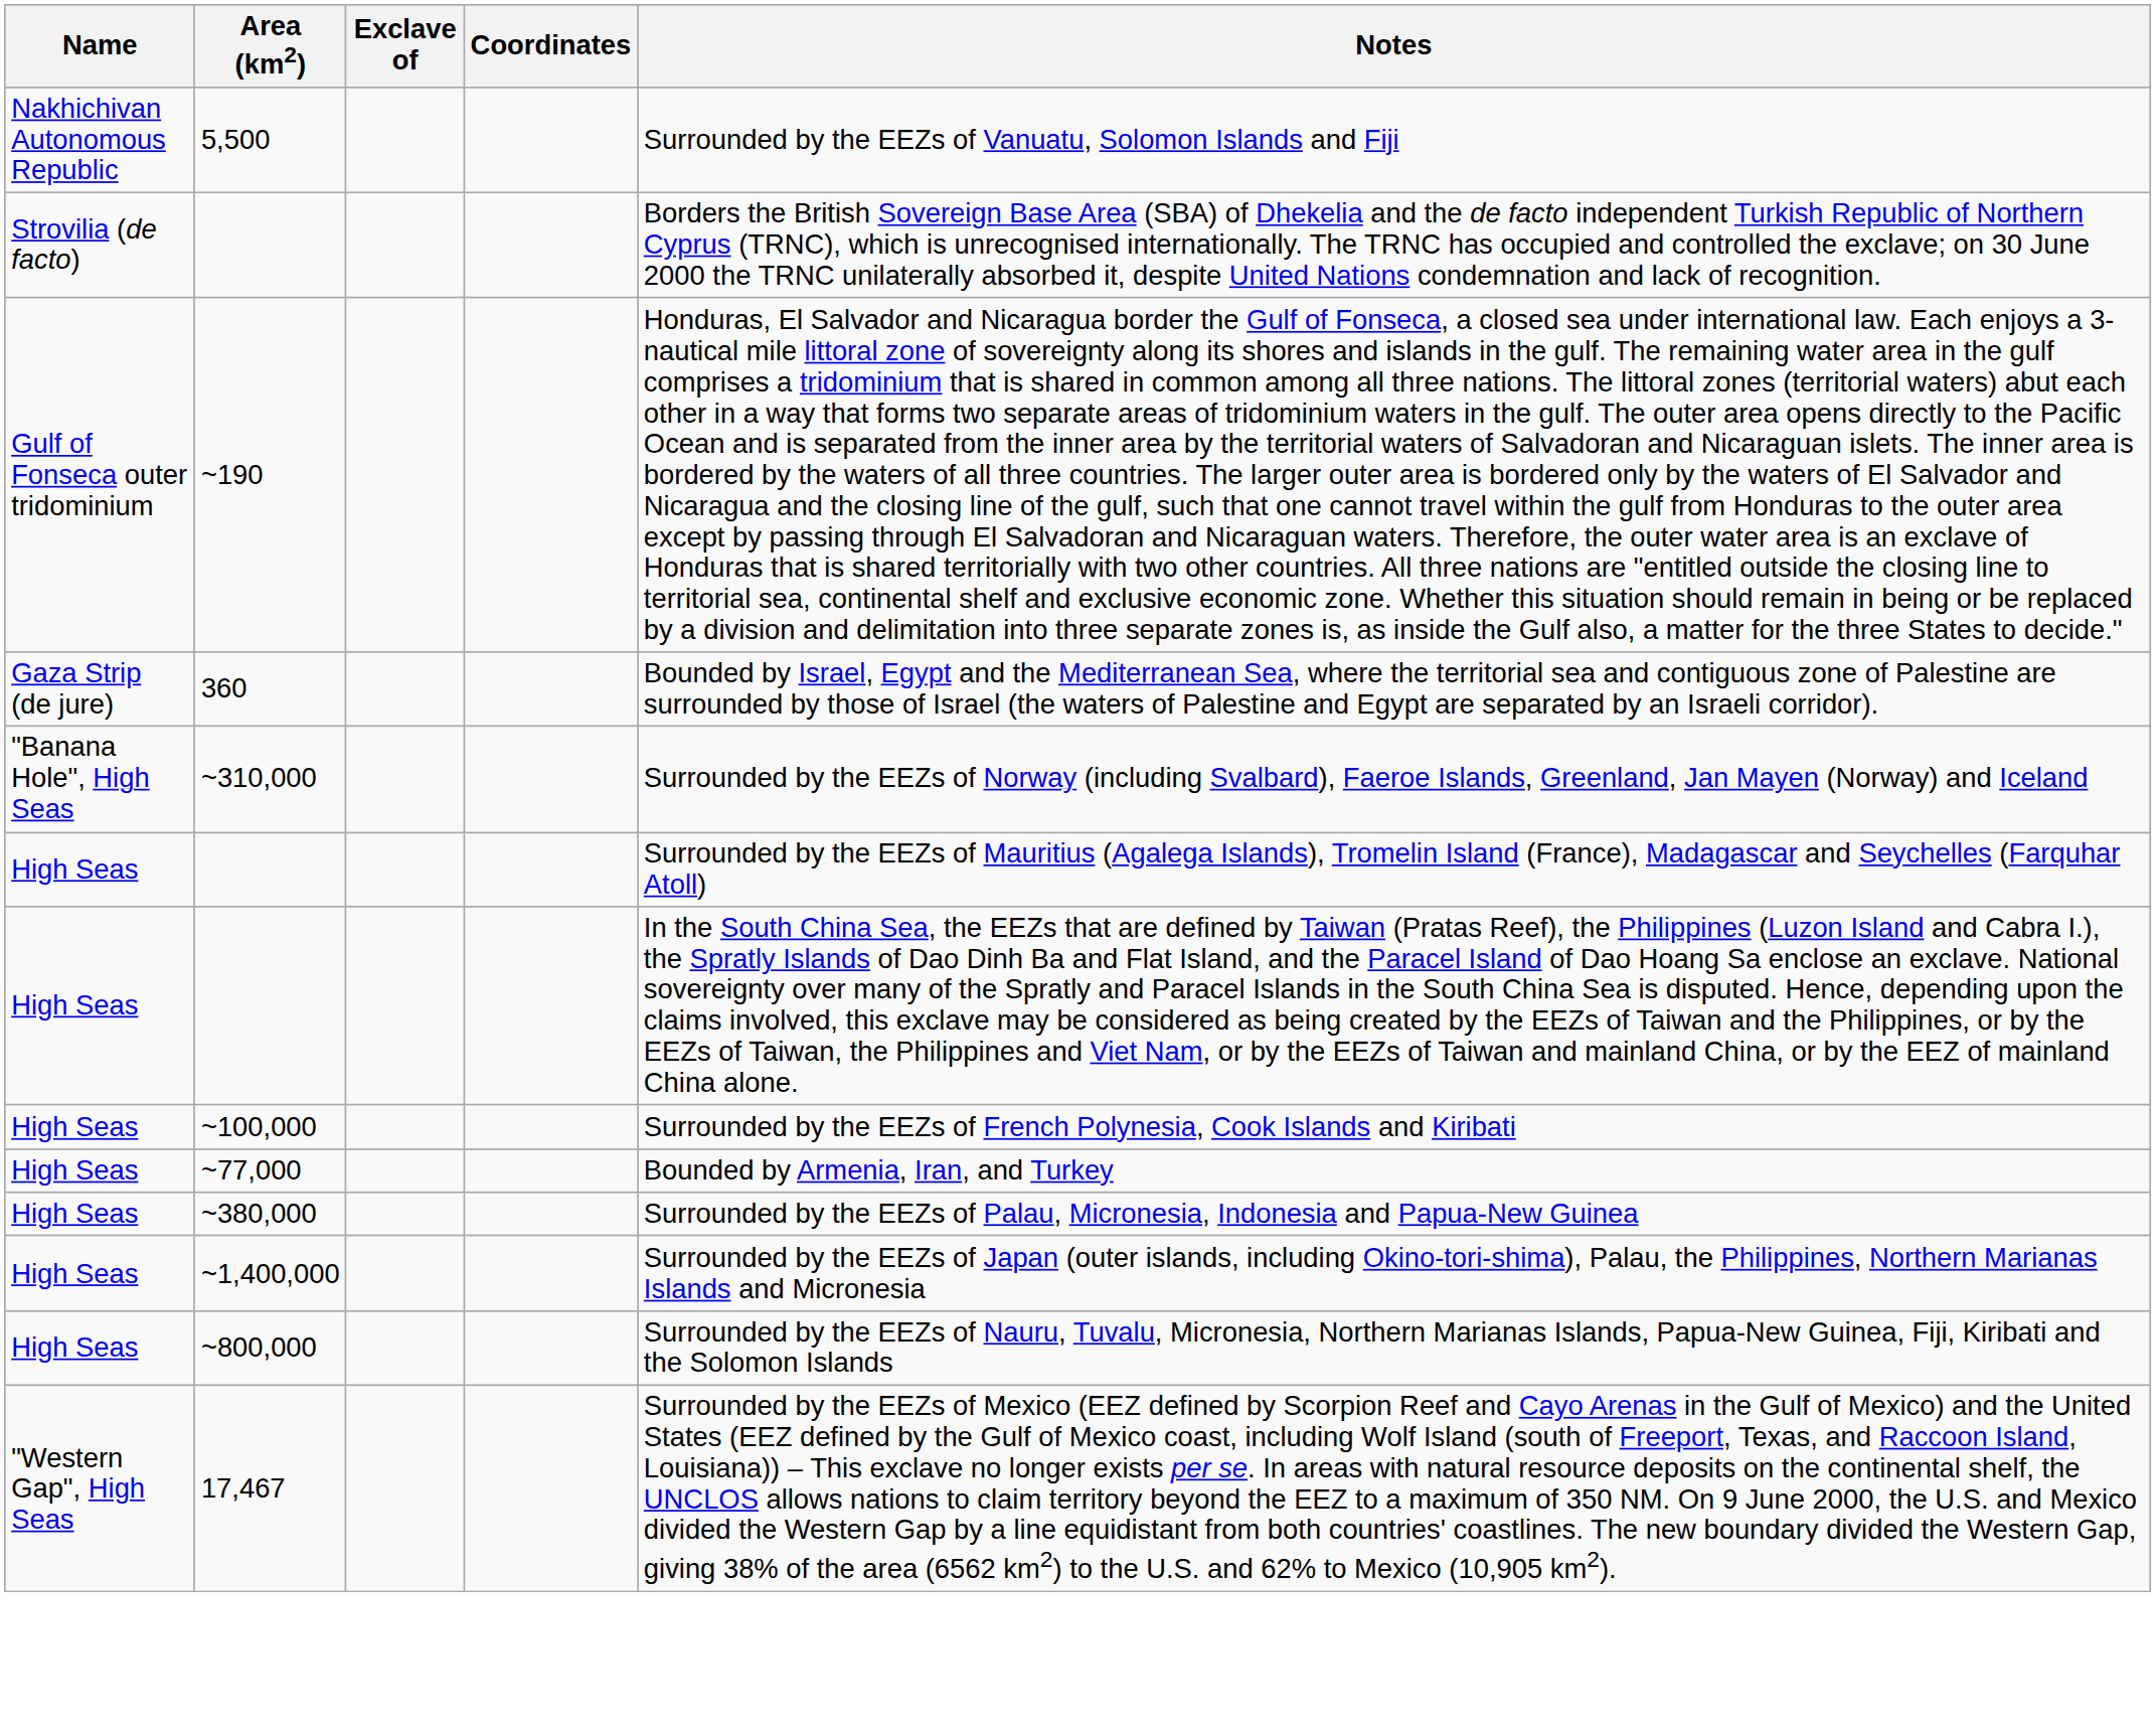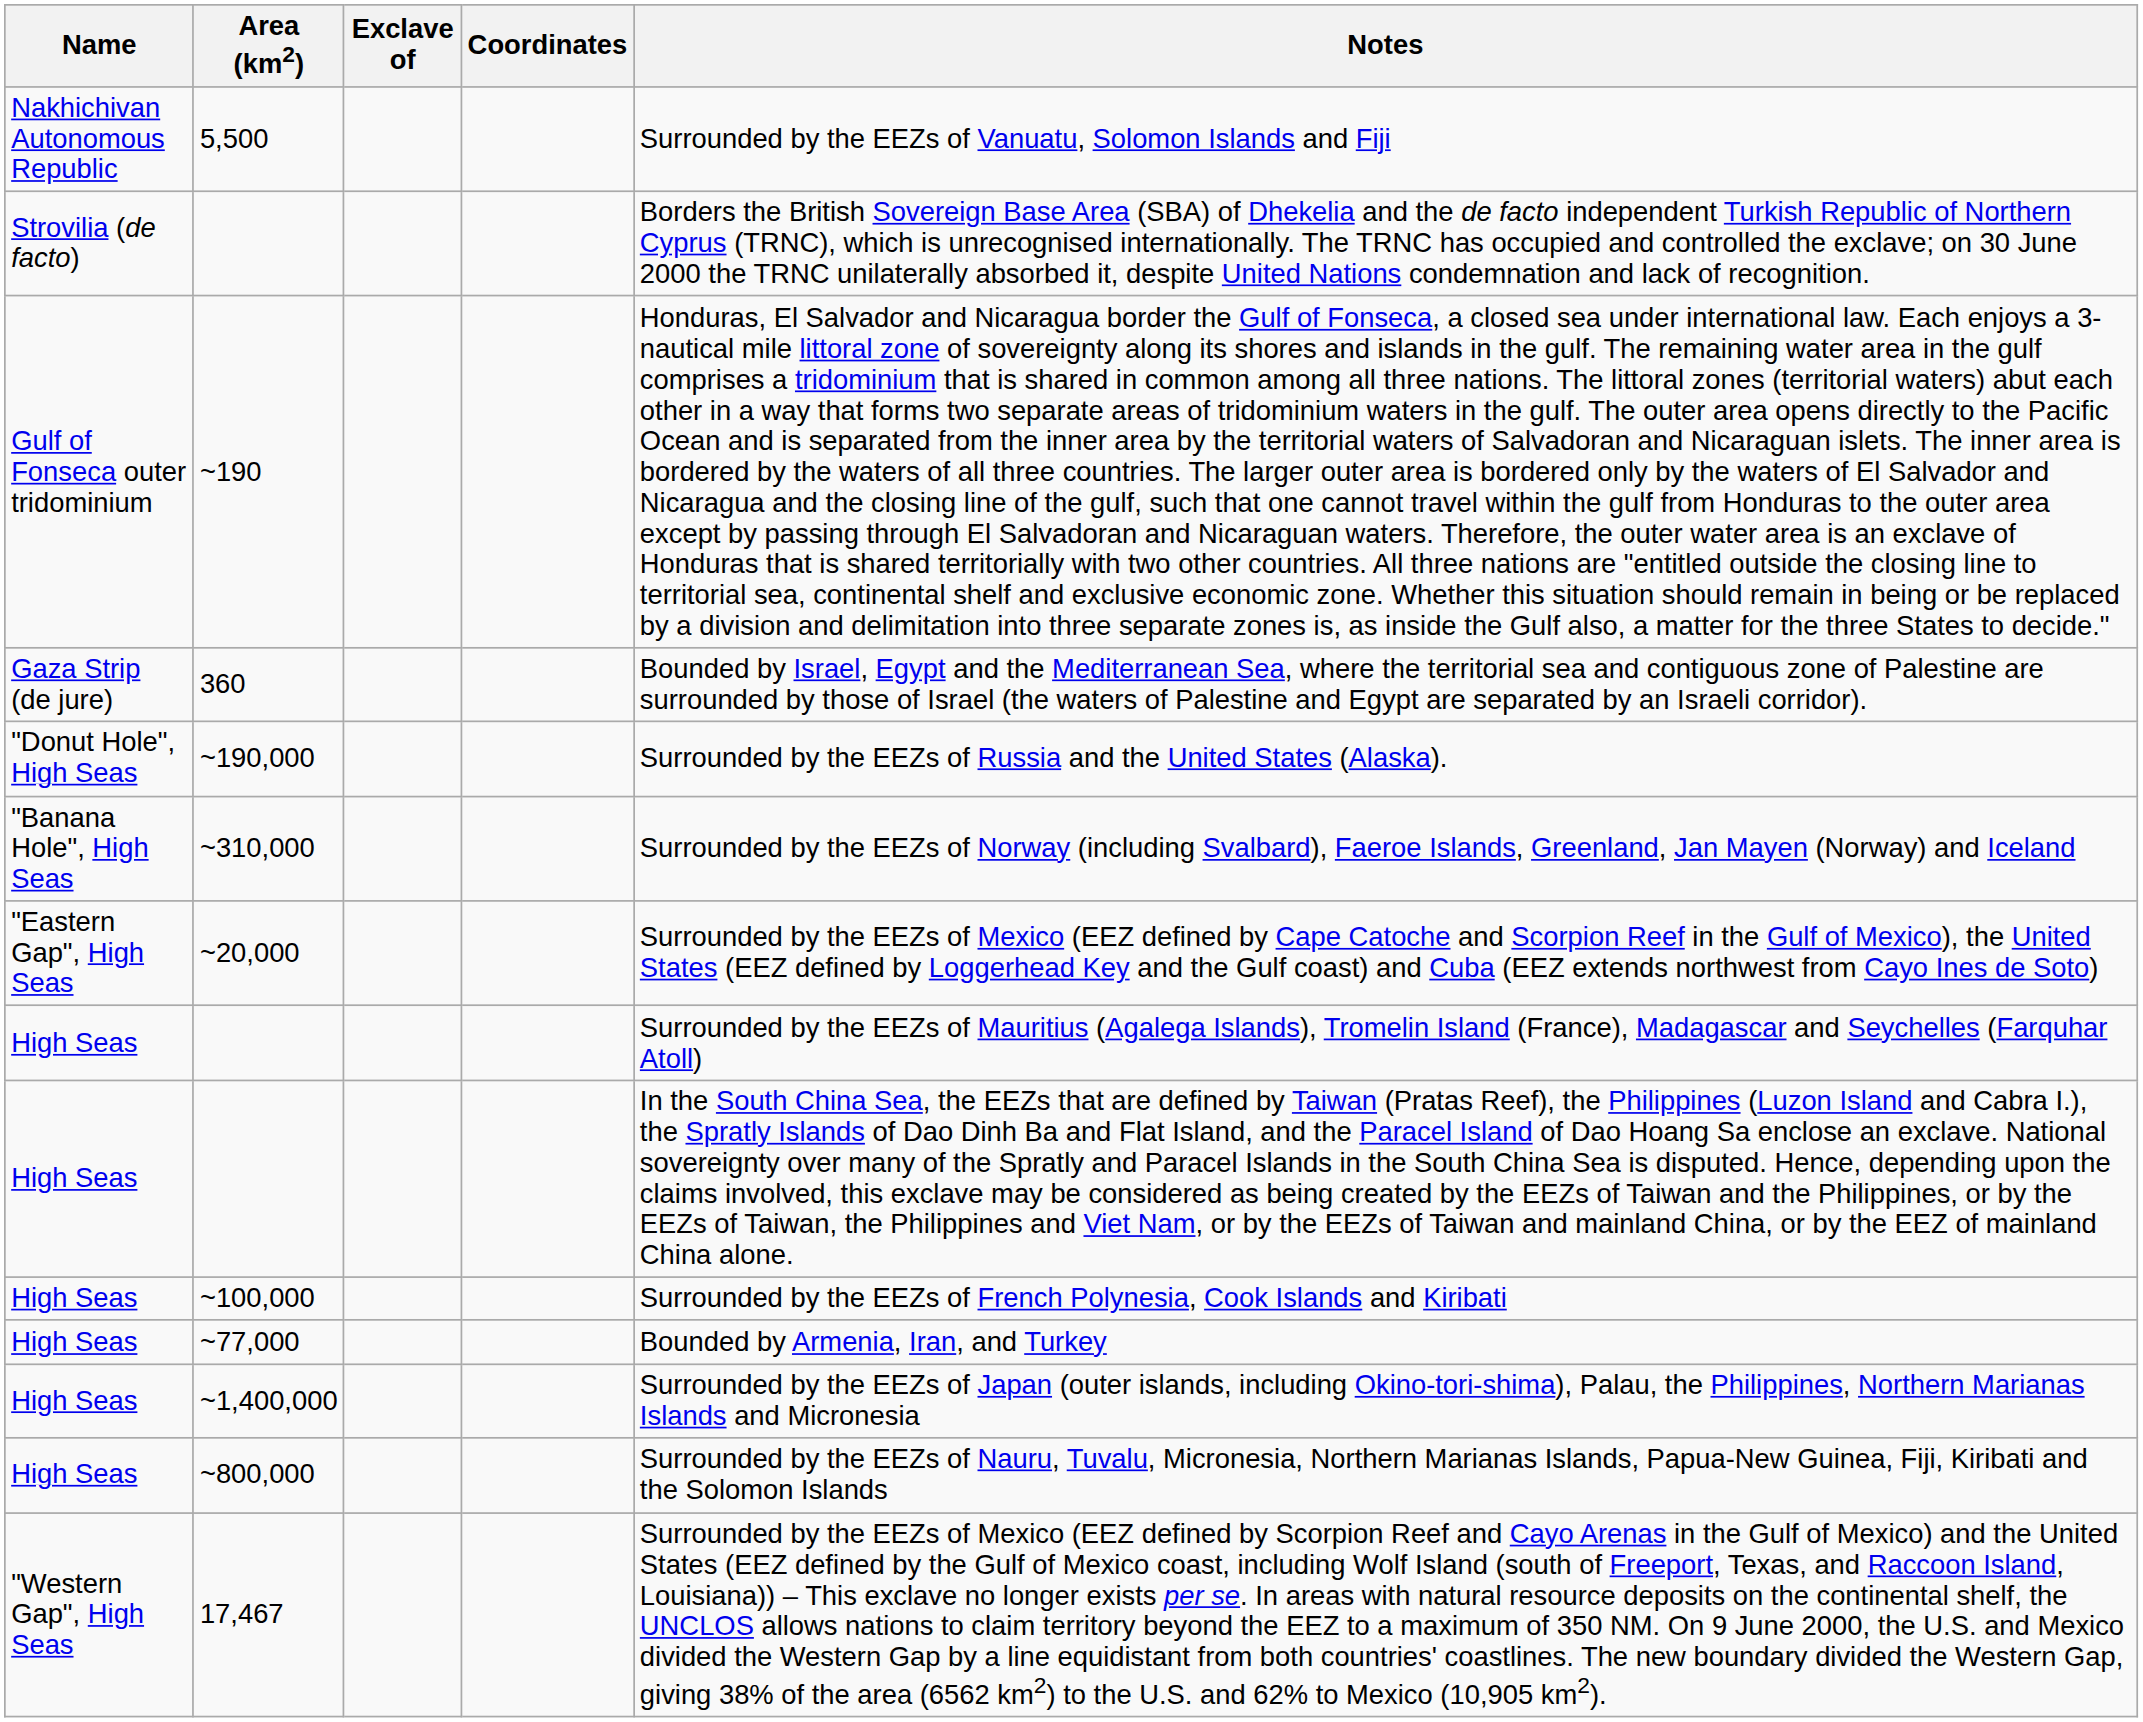 <table class="wikitable sortable" style="text-align:left; border:1px;; cellpadding:5; cellspacing:0;">
 <tr>
 <th>Name</th>
 <th data-sort-type="number">Area (km<sup>2</sup>)</th>
 <th>Exclave of</th>
 <th>Coordinates</th>
 <th>Notes</th>
 </tr>
 <tr>
 <td><a href='#'>Nakhichivan Autonomous Republic</a></td>
 <td>5,500</td>
 <td></td>
 <td></td>
 <td>Surrounded by the EEZs of <a href='#'>Vanuatu</a>, <a href='#'>Solomon Islands</a> and <a href='#'>Fiji</a></td>
 </tr>
 <tr>
 <td><a href='#'>Strovilia</a> (<em>de facto</em>)</td>
 <td></td>
 <td></td>
 <td></td>
 <td>Borders the British <a href='#'>Sovereign Base Area</a> (SBA) of <a href='#'>Dhekelia</a> and the <em>de facto</em> independent <a href='#'>Turkish Republic of Northern Cyprus</a> (TRNC), which is unrecognised internationally. The TRNC has occupied and controlled the exclave; on 30 June 2000 the TRNC unilaterally absorbed it, despite <a href='#'>United Nations</a> condemnation and lack of recognition.</td>
 </tr>
 <tr>
 <td><a href='#'>Gulf of Fonseca</a> outer tridominium</td>
 <td>~190</td>
 <td></td>
 <td></td>
 <td>Honduras, El Salvador and Nicaragua border the <a href='#'>Gulf of Fonseca</a>, a closed sea under international law. Each enjoys a 3-nautical mile <a href='#'>littoral zone</a> of sovereignty along its shores and islands in the gulf. The remaining water area in the gulf comprises a <a href='#'>tridominium</a> that is shared in common among all three nations. The littoral zones (territorial waters) abut each other in a way that forms two separate areas of tridominium waters in the gulf. The outer area opens directly to the Pacific Ocean and is separated from the inner area by the territorial waters of Salvadoran and Nicaraguan islets. The inner area is bordered by the waters of all three countries. The larger outer area is bordered only by the waters of El Salvador and Nicaragua and the closing line of the gulf, such that one cannot travel within the gulf from Honduras to the outer area except by passing through El Salvadoran and Nicaraguan waters. Therefore, the outer water area is an exclave of Honduras that is shared territorially with two other countries.  All three nations are "entitled outside the closing line to territorial sea, continental shelf and exclusive economic zone. Whether this situation should remain in being or be replaced by a division and delimitation into three separate zones is, as inside the Gulf also, a matter for the three States to decide."</td>
 </tr>
 <tr>
 <td><a href='#'>Gaza Strip</a> (de jure)</td>
 <td>360</td>
 <td></td>
 <td></td>
 <td>Bounded by <a href='#'>Israel</a>, <a href='#'>Egypt</a> and the <a href='#'>Mediterranean Sea</a>, where the territorial sea and contiguous zone of Palestine are surrounded by those of Israel (the waters of Palestine and Egypt are separated by an Israeli corridor).</td>
 </tr>
 <tr>
+<td>"Donut Hole", <a href='#'>High Seas</a></td>
+<td>~190,000</td>
+<td></td>
+<td></td>
+<td>Surrounded by the EEZs of <a href='#'>Russia</a> and the <a href='#'>United States</a> (<a href='#'>Alaska</a>).</td>
+</tr>
+<tr>
 <td>"Banana Hole", <a href='#'>High Seas</a></td>
 <td>~310,000</td>
 <td></td>
 <td></td>
 <td>Surrounded by the EEZs of <a href='#'>Norway</a> (including <a href='#'>Svalbard</a>), <a href='#'>Faeroe Islands</a>, <a href='#'>Greenland</a>, <a href='#'>Jan Mayen</a> (Norway) and <a href='#'>Iceland</a></td>
+</tr>
+<tr>
+<td>"Eastern Gap", <a href='#'>High Seas</a></td>
+<td>~20,000</td>
+<td></td>
+<td></td>
+<td>Surrounded by the EEZs of <a href='#'>Mexico</a> (EEZ defined by <a href='#'>Cape Catoche</a> and <a href='#'>Scorpion Reef</a> in the <a href='#'>Gulf of Mexico</a>), the <a href='#'>United States</a> (EEZ defined by <a href='#'>Loggerhead Key</a> and the Gulf coast) and <a href='#'>Cuba</a> (EEZ extends northwest from <a href='#'>Cayo Ines de Soto</a>)</td>
 </tr>
 <tr>
 <td><a href='#'>High Seas</a></td>
 <td></td>
 <td></td>
 <td></td>
 <td>Surrounded by the EEZs of <a href='#'>Mauritius</a> (<a href='#'>Agalega Islands</a>), <a href='#'>Tromelin Island</a> (France), <a href='#'>Madagascar</a> and <a href='#'>Seychelles</a> (<a href='#'>Farquhar Atoll</a>)</td>
 </tr>
 <tr>
 <td><a href='#'>High Seas</a></td>
 <td></td>
 <td></td>
 <td></td>
 <td>In the <a href='#'>South China Sea</a>, the EEZs that are defined by <a href='#'>Taiwan</a> (Pratas Reef), the <a href='#'>Philippines</a> (<a href='#'>Luzon Island</a> and Cabra I.), the <a href='#'>Spratly Islands</a> of Dao Dinh Ba and Flat Island, and the <a href='#'>Paracel Island</a> of Dao Hoang Sa enclose an exclave. National sovereignty over many of the Spratly and Paracel Islands in the South China Sea is disputed. Hence, depending upon the claims involved, this exclave may be considered as being created by the EEZs of Taiwan and the Philippines, or by the EEZs of Taiwan, the Philippines and <a href='#'>Viet Nam</a>, or by the EEZs of Taiwan and mainland China, or by the EEZ of mainland China alone.</td>
 </tr>
 <tr>
 <td><a href='#'>High Seas</a></td>
 <td>~100,000</td>
 <td></td>
 <td></td>
 <td>Surrounded by the EEZs of <a href='#'>French Polynesia</a>, <a href='#'>Cook Islands</a> and <a href='#'>Kiribati</a></td>
 </tr>
 <tr>
 <td><a href='#'>High Seas</a></td>
 <td>~77,000</td>
 <td></td>
 <td></td>
 <td>Bounded by <a href='#'>Armenia</a>, <a href='#'>Iran</a>, and <a href='#'>Turkey</a></td>
 </tr>
 <tr>
 <td><a href='#'>High Seas</a></td>
-<td>~380,000</td>
-<td></td>
-<td></td>
-<td>Surrounded by the EEZs of <a href='#'>Palau</a>, <a href='#'>Micronesia</a>, <a href='#'>Indonesia</a> and <a href='#'>Papua-New Guinea</a></td>
-</tr>
-<tr>
-<td><a href='#'>High Seas</a></td>
 <td>~1,400,000</td>
 <td></td>
 <td></td>
 <td>Surrounded by the EEZs of <a href='#'>Japan</a> (outer islands, including <a href='#'>Okino-tori-shima</a>), Palau, the <a href='#'>Philippines</a>, <a href='#'>Northern Marianas Islands</a> and Micronesia</td>
 </tr>
 <tr>
 <td><a href='#'>High Seas</a></td>
 <td>~800,000</td>
 <td></td>
 <td></td>
 <td>Surrounded by the EEZs of <a href='#'>Nauru</a>, <a href='#'>Tuvalu</a>, Micronesia, Northern Marianas Islands, Papua-New Guinea, Fiji, Kiribati and the Solomon Islands</td>
 </tr>
 <tr>
 <td>"Western Gap", <a href='#'>High Seas</a></td>
 <td>17,467</td>
 <td></td>
 <td></td>
 <td>Surrounded by the EEZs of Mexico (EEZ defined by Scorpion Reef and <a href='#'>Cayo Arenas</a> in the Gulf of Mexico) and the United States (EEZ defined by the Gulf of Mexico coast, including Wolf Island (south of <a href='#'>Freeport</a>, Texas, and <a href='#'>Raccoon Island</a>, Louisiana)) – This exclave no longer exists <em><a href='#'>per se</a></em>. In areas with natural resource deposits on the continental shelf, the <a href='#'>UNCLOS</a> allows nations to claim territory beyond the EEZ to a maximum of 350 NM. On 9 June 2000, the U.S. and Mexico divided the Western Gap by a line equidistant from both countries' coastlines. The new boundary divided the Western Gap, giving 38% of the area (6562 km<sup>2</sup>) to the U.S. and 62% to Mexico (10,905 km<sup>2</sup>).</td>
 </tr>
 </table>
